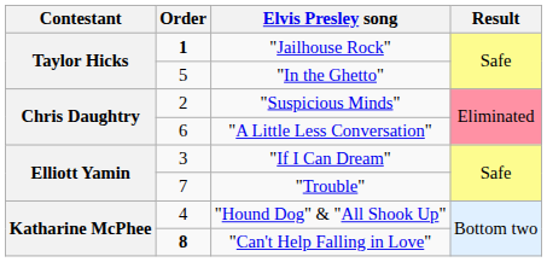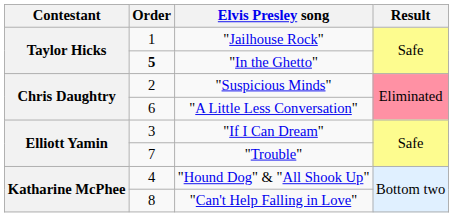 <table class="wikitable unsortable" style="text-align:center;">
 <tr>
 <th scope="col">Contestant</th>
 <th scope="col">Order</th>
 <th scope="col"><a href='#'>Elvis Presley</a> song</th>
 <th scope="col">Result</th>
 </tr>
 <tr>
 <th scope="row" rowspan="2">Taylor Hicks</th>
-<td><strong>1</strong></td>
+<td>1</td>
 <td>"<a href='#'>Jailhouse Rock</a>"</td>
 <td rowspan="2" style="background:#FDFC8F">Safe</td>
 </tr>
 <tr>
-<td>5</td>
+<td><strong>5</strong></td>
 <td>"<a href='#'>In the Ghetto</a>"</td>
 </tr>
 <tr>
 <th scope="row" rowspan="2">Chris Daughtry</th>
 <td>2</td>
 <td>"<a href='#'>Suspicious Minds</a>"</td>
 <td rowspan="2" bgcolor="FF91A4">Eliminated</td>
 </tr>
 <tr>
 <td>6</td>
 <td>"<a href='#'>A Little Less Conversation</a>"</td>
 </tr>
 <tr>
 <th scope="row" rowspan="2">Elliott Yamin</th>
 <td>3</td>
 <td>"<a href='#'>If I Can Dream</a>"</td>
 <td rowspan="2" style="background:#FDFC8F">Safe</td>
 </tr>
 <tr>
 <td>7</td>
 <td>"<a href='#'>Trouble</a>"</td>
 </tr>
 <tr>
 <th scope="row" rowspan="2">Katharine McPhee</th>
 <td>4</td>
 <td>"<a href='#'>Hound Dog</a>" & "<a href='#'>All Shook Up</a>"</td>
 <td rowspan="2" bgcolor="E0F0FF">Bottom two</td>
 </tr>
 <tr>
-<td><strong>8</strong></td>
+<td>8</td>
 <td>"<a href='#'>Can't Help Falling in Love</a>"</td>
 </tr>
 </table>
